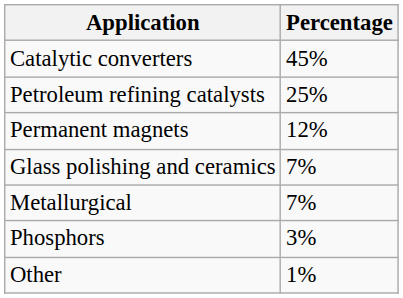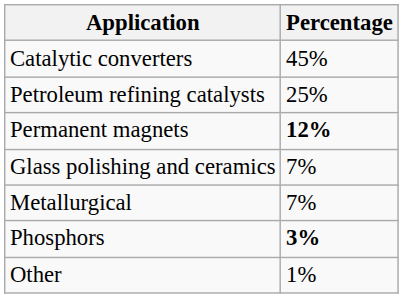 <table class="wikitable" |+ The applications of lanthanides>
 <tr>
 <th>Application</th>
 <th>Percentage</th>
 </tr>
 <tr>
 <td>Catalytic converters</td>
 <td>45%</td>
 </tr>
 <tr>
 <td>Petroleum refining catalysts</td>
 <td>25%</td>
 </tr>
 <tr>
 <td>Permanent magnets</td>
-<td>12%</td>
+<td><strong>12%</strong></td>
 </tr>
 <tr>
 <td>Glass polishing and ceramics</td>
 <td>7%</td>
 </tr>
 <tr>
 <td>Metallurgical</td>
 <td>7%</td>
 </tr>
 <tr>
 <td>Phosphors</td>
-<td>3%</td>
+<td><strong>3%</strong></td>
 </tr>
 <tr>
 <td>Other</td>
 <td>1%</td>
 </tr>
 </table>
